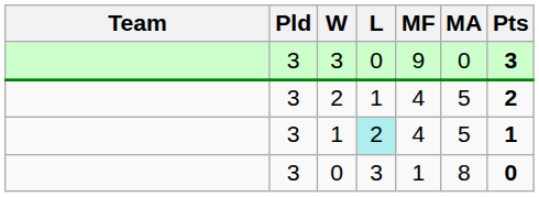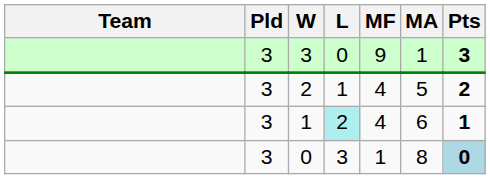 <table class=wikitable style="text-align:center">
 <tr>
 <th width=175>Team</th>
 <th width=20>Pld</th>
 <th width=20>W</th>
 <th width=20>L</th>
 <th width=20>MF</th>
 <th width=20>MA</th>
 <th width=20>Pts</th>
 </tr>
 <tr bgcolor=ccffcc style="border-bottom:2px solid green;">
 <td style="text-align:left"></td>
 <td>3</td>
 <td>3</td>
 <td>0</td>
 <td>9</td>
-<td>0</td>
+<td>1</td>
 <td><strong>3</strong></td>
 </tr>
 <tr>
 <td style="text-align:left"></td>
 <td>3</td>
 <td>2</td>
 <td>1</td>
 <td>4</td>
 <td>5</td>
 <td><strong>2</strong></td>
 </tr>
 <tr>
 <td style="text-align:left"></td>
 <td>3</td>
 <td>1</td>
 <td style="background: paleturquoise;">2</td>
 <td>4</td>
-<td>5</td>
+<td>6</td>
 <td><strong>1</strong></td>
 </tr>
 <tr>
 <td style="text-align:left"></td>
 <td>3</td>
 <td>0</td>
 <td>3</td>
 <td>1</td>
 <td>8</td>
-<td><strong>0</strong></td>
+<td style="background: lightblue;"><strong>0</strong></td>
 </tr>
 </table>
